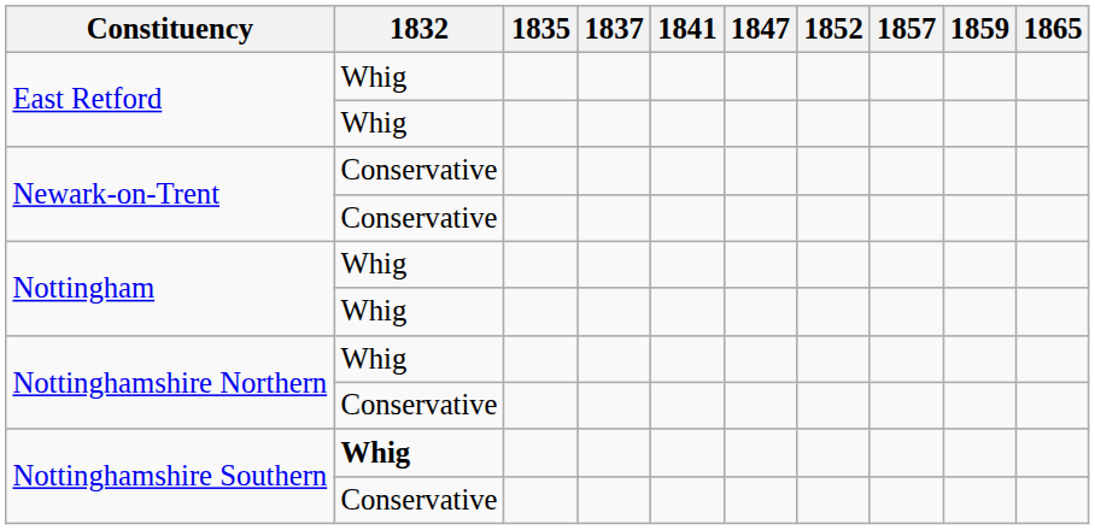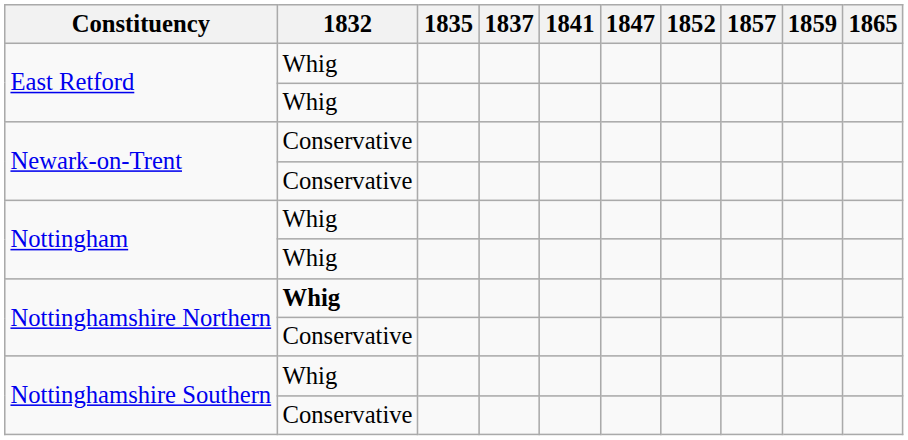 <table class=wikitable sortable>
 <tr>
 <th>Constituency</th>
 <th>1832</th>
 <th>1835</th>
 <th>1837</th>
 <th>1841</th>
 <th>1847</th>
 <th>1852</th>
 <th>1857</th>
 <th>1859</th>
 <th>1865</th>
 </tr>
 <tr>
 <td rowspan=2><a href='#'>East Retford</a></td>
 <td bgcolor=>Whig</td>
 <td></td>
 <td></td>
 <td></td>
 <td></td>
 <td></td>
 <td></td>
 <td></td>
 <td></td>
 </tr>
 <tr>
 <td bgcolor=>Whig</td>
 <td></td>
 <td></td>
 <td></td>
 <td></td>
 <td></td>
 <td></td>
 <td></td>
 <td></td>
 </tr>
 <tr>
 <td rowspan=2><a href='#'>Newark-on-Trent</a></td>
 <td bgcolor=>Conservative</td>
 <td></td>
 <td></td>
 <td></td>
 <td></td>
 <td></td>
 <td></td>
 <td></td>
 <td></td>
 </tr>
 <tr>
 <td bgcolor=>Conservative</td>
 <td></td>
 <td></td>
 <td></td>
 <td></td>
 <td></td>
 <td></td>
 <td></td>
 <td></td>
 </tr>
 <tr>
 <td rowspan=2><a href='#'>Nottingham</a></td>
 <td bgcolor=>Whig</td>
 <td></td>
 <td></td>
 <td></td>
 <td></td>
 <td></td>
 <td></td>
 <td></td>
 <td></td>
 </tr>
 <tr>
 <td bgcolor=>Whig</td>
 <td></td>
 <td></td>
 <td></td>
 <td></td>
 <td></td>
 <td></td>
 <td></td>
 <td></td>
 </tr>
 <tr>
 <td rowspan=2><a href='#'>Nottinghamshire Northern</a></td>
-<td bgcolor=>Whig</td>
+<td bgcolor=><strong>Whig</strong></td>
 <td></td>
 <td></td>
 <td></td>
 <td></td>
 <td></td>
 <td></td>
 <td></td>
 <td></td>
 </tr>
 <tr>
 <td bgcolor=>Conservative</td>
 <td></td>
 <td></td>
 <td></td>
 <td></td>
 <td></td>
 <td></td>
 <td></td>
 <td></td>
 </tr>
 <tr>
 <td rowspan=2><a href='#'>Nottinghamshire Southern</a></td>
-<td bgcolor=><strong>Whig</strong></td>
+<td bgcolor=>Whig</td>
 <td></td>
 <td></td>
 <td></td>
 <td></td>
 <td></td>
 <td></td>
 <td></td>
 <td></td>
 </tr>
 <tr>
 <td bgcolor=>Conservative</td>
 <td></td>
 <td></td>
 <td></td>
 <td></td>
 <td></td>
 <td></td>
 <td></td>
 <td></td>
 </tr>
 </table>
